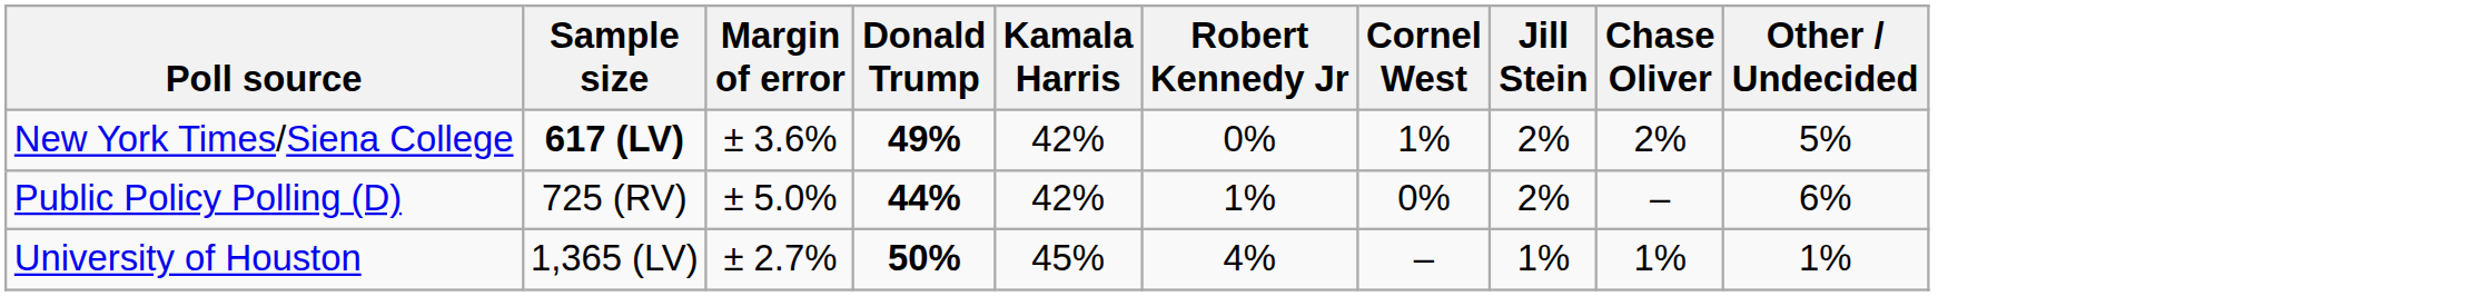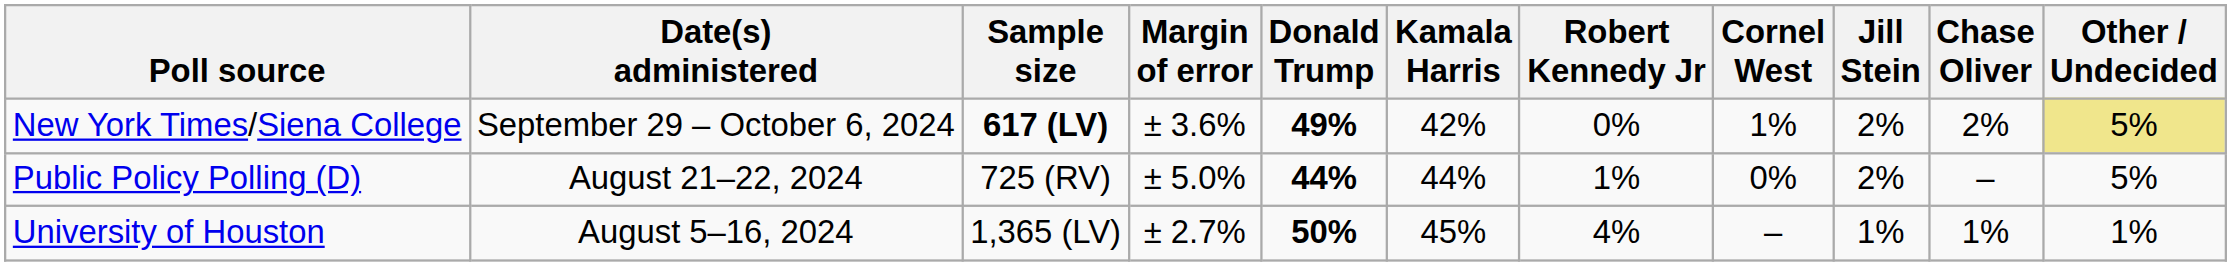 <table class="wikitable sortable mw-datatable" style="font-size:90%;text-align:center;line-height:17px">
 <tr style="vertical-align:bottom">
 <th>Poll source</th>
+<th>Date(s)<br>administered</th>
 <th>Sample<br>size</th>
 <th>Margin<br>of error</th>
 <th class="unsortable">Donald<br>Trump<br></th>
 <th class="unsortable">Kamala<br>Harris<br></th>
 <th class="unsortable">Robert<br>Kennedy Jr<br></th>
 <th class="unsortable">Cornel<br>West<br></th>
 <th class="unsortable">Jill<br>Stein<br></th>
 <th class="unsortable">Chase<br>Oliver<br></th>
 <th class="unsortable">Other /<br>Undecided</th>
 </tr>
 <tr>
 <td style="text-align:left;"><a href='#'>New York Times</a>/<a href='#'>Siena College</a></td>
+<td data-sort-value="2024-10-06">September 29 – October 6, 2024</td>
 <td><strong>617 (LV)</strong></td>
 <td>± 3.6%</td>
 <td style="background-color:"><strong>49%</strong></td>
 <td>42%</td>
 <td>0%</td>
 <td>1%</td>
 <td>2%</td>
 <td>2%</td>
-<td>5%</td>
+<td style="background: khaki;">5%</td>
 </tr>
 <tr>
 <td style="text-align:left;"><a href='#'>Public Policy Polling (D)</a></td>
+<td data-sort-value="2024-08-27">August 21–22, 2024</td>
 <td>725 (RV)</td>
 <td>± 5.0%</td>
 <td style="background-color:"><strong>44%</strong></td>
-<td>42%</td>
+<td>44%</td>
 <td>1%</td>
 <td>0%</td>
 <td>2%</td>
 <td>–</td>
-<td>6%</td>
+<td>5%</td>
 </tr>
 <tr>
 <td style="text-align:left;"><a href='#'>University of Houston</a></td>
+<td data-sort-value="2024-08-22">August 5–16, 2024</td>
 <td>1,365 (LV)</td>
 <td>± 2.7%</td>
 <td style="background-color:"><strong>50%</strong></td>
 <td>45%</td>
 <td>4%</td>
 <td>–</td>
 <td>1%</td>
 <td>1%</td>
 <td>1%</td>
 </tr>
 </table>
